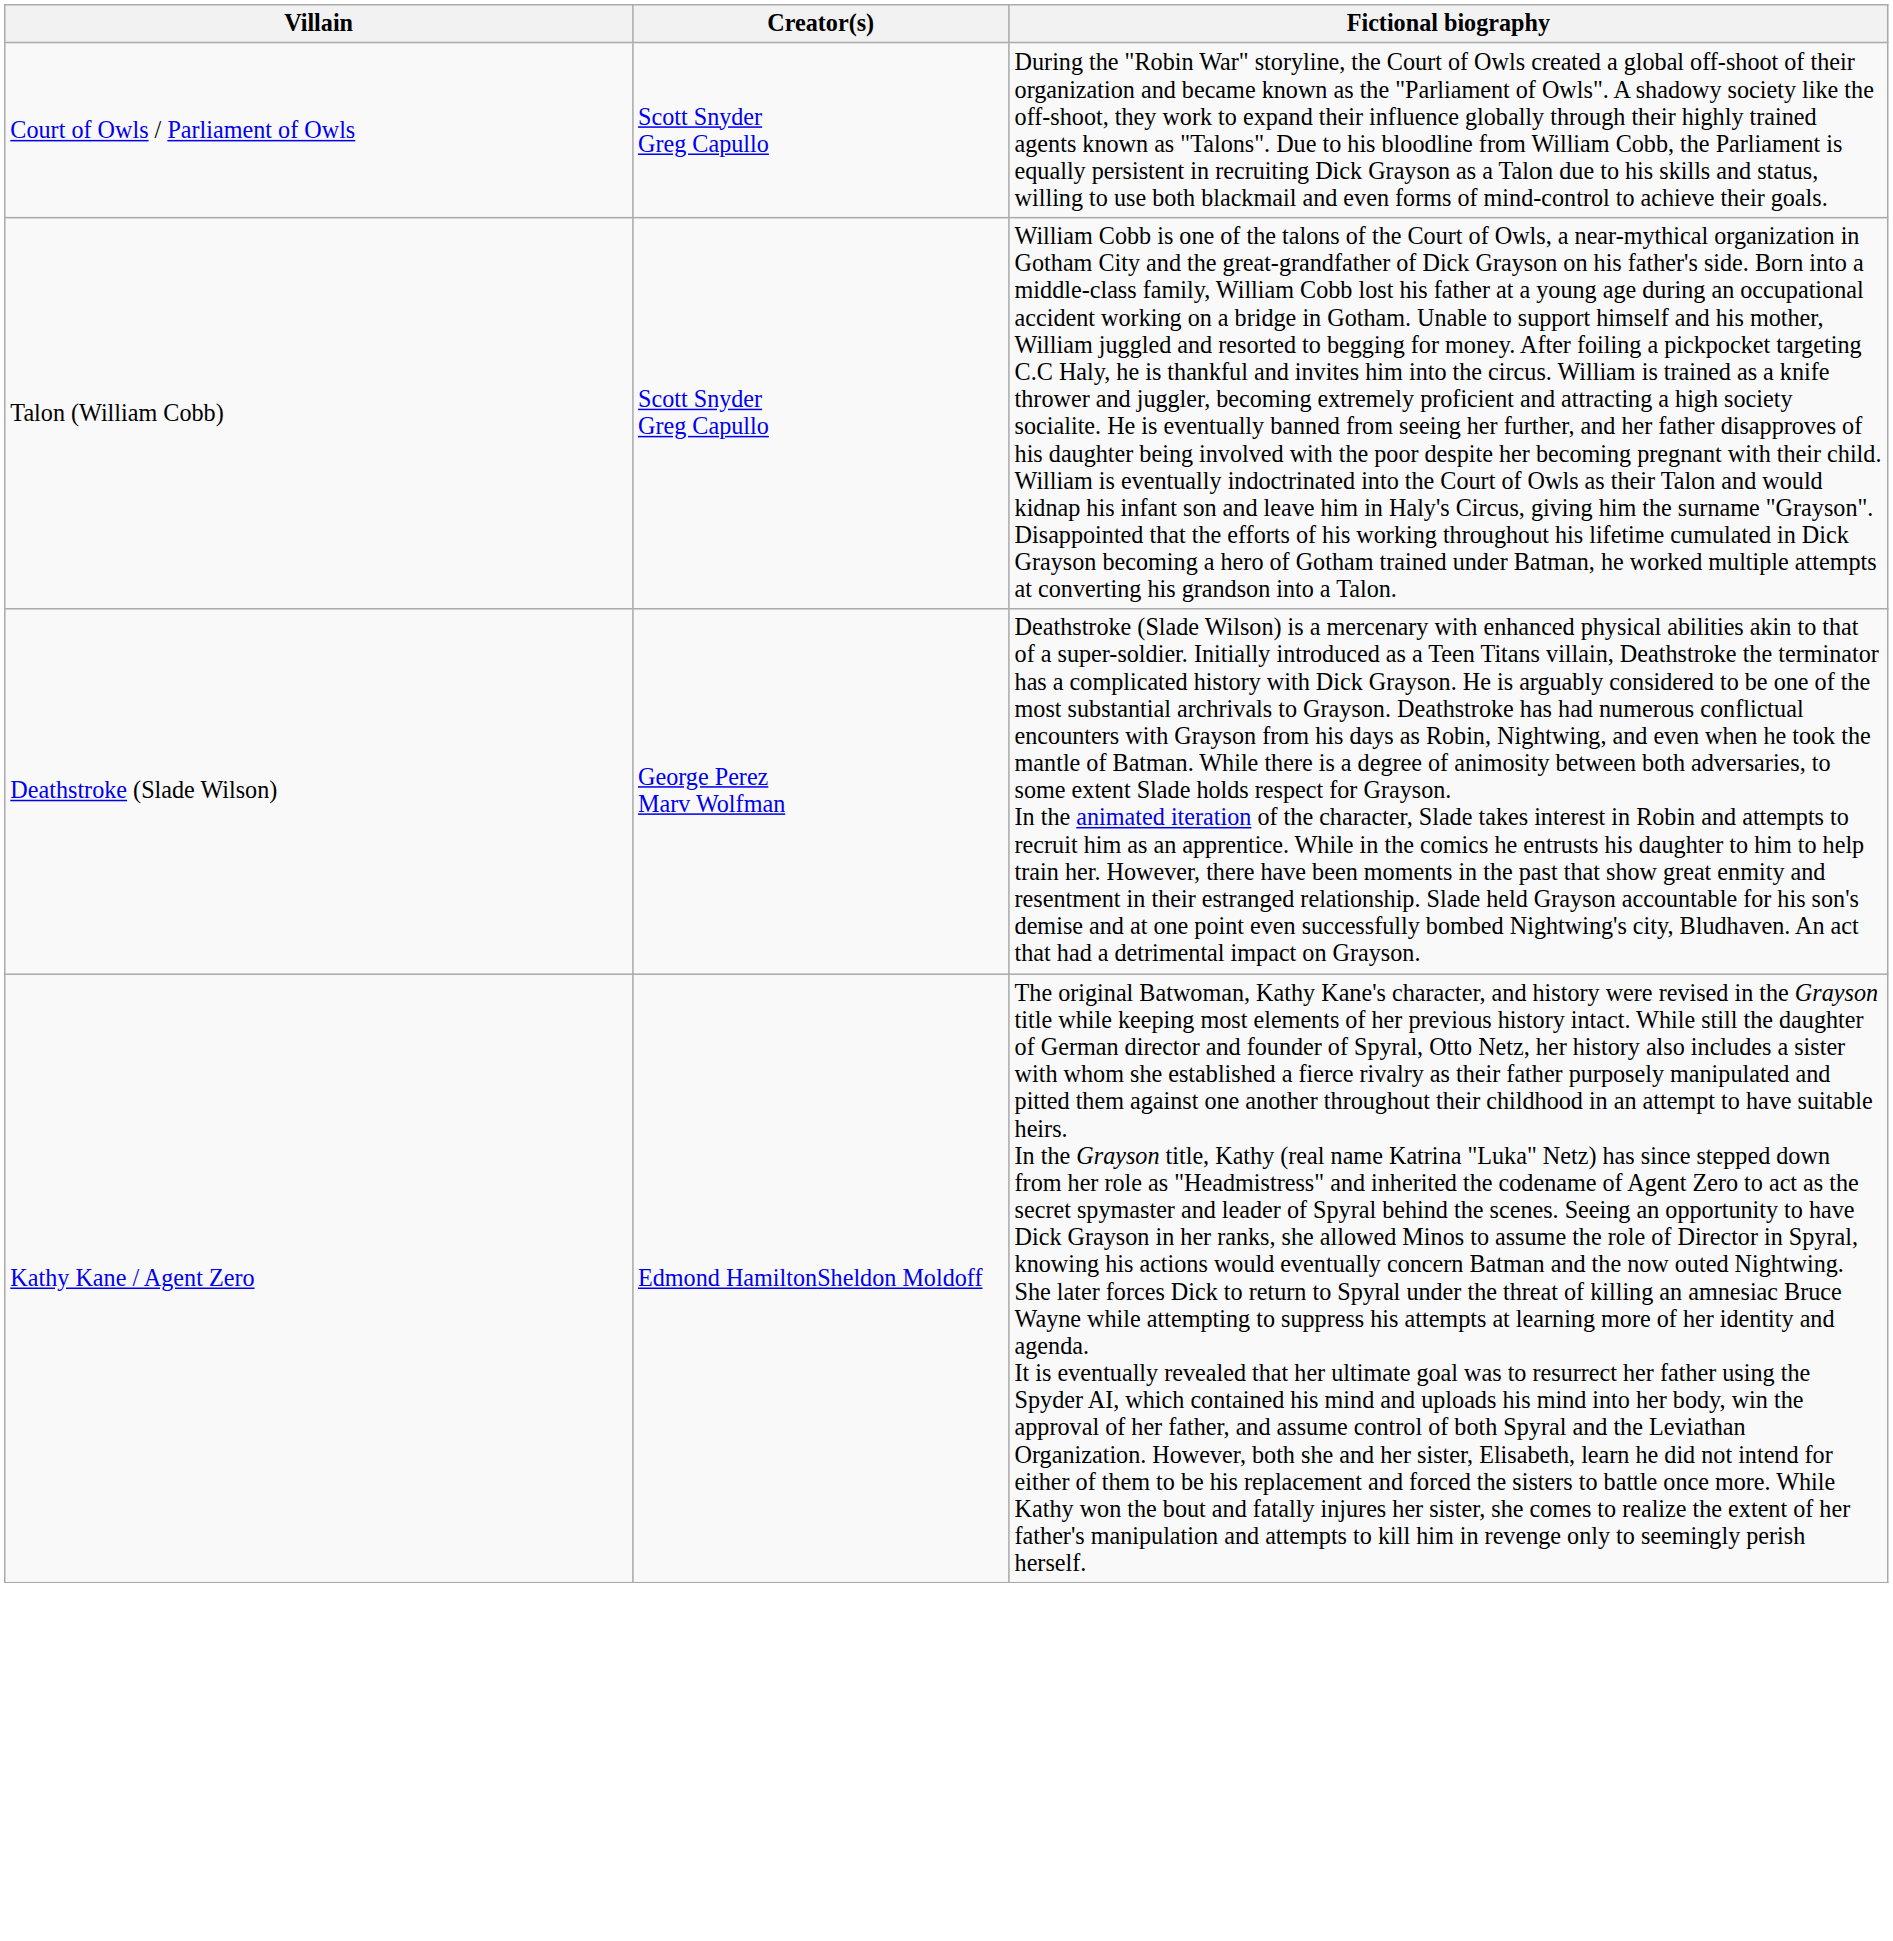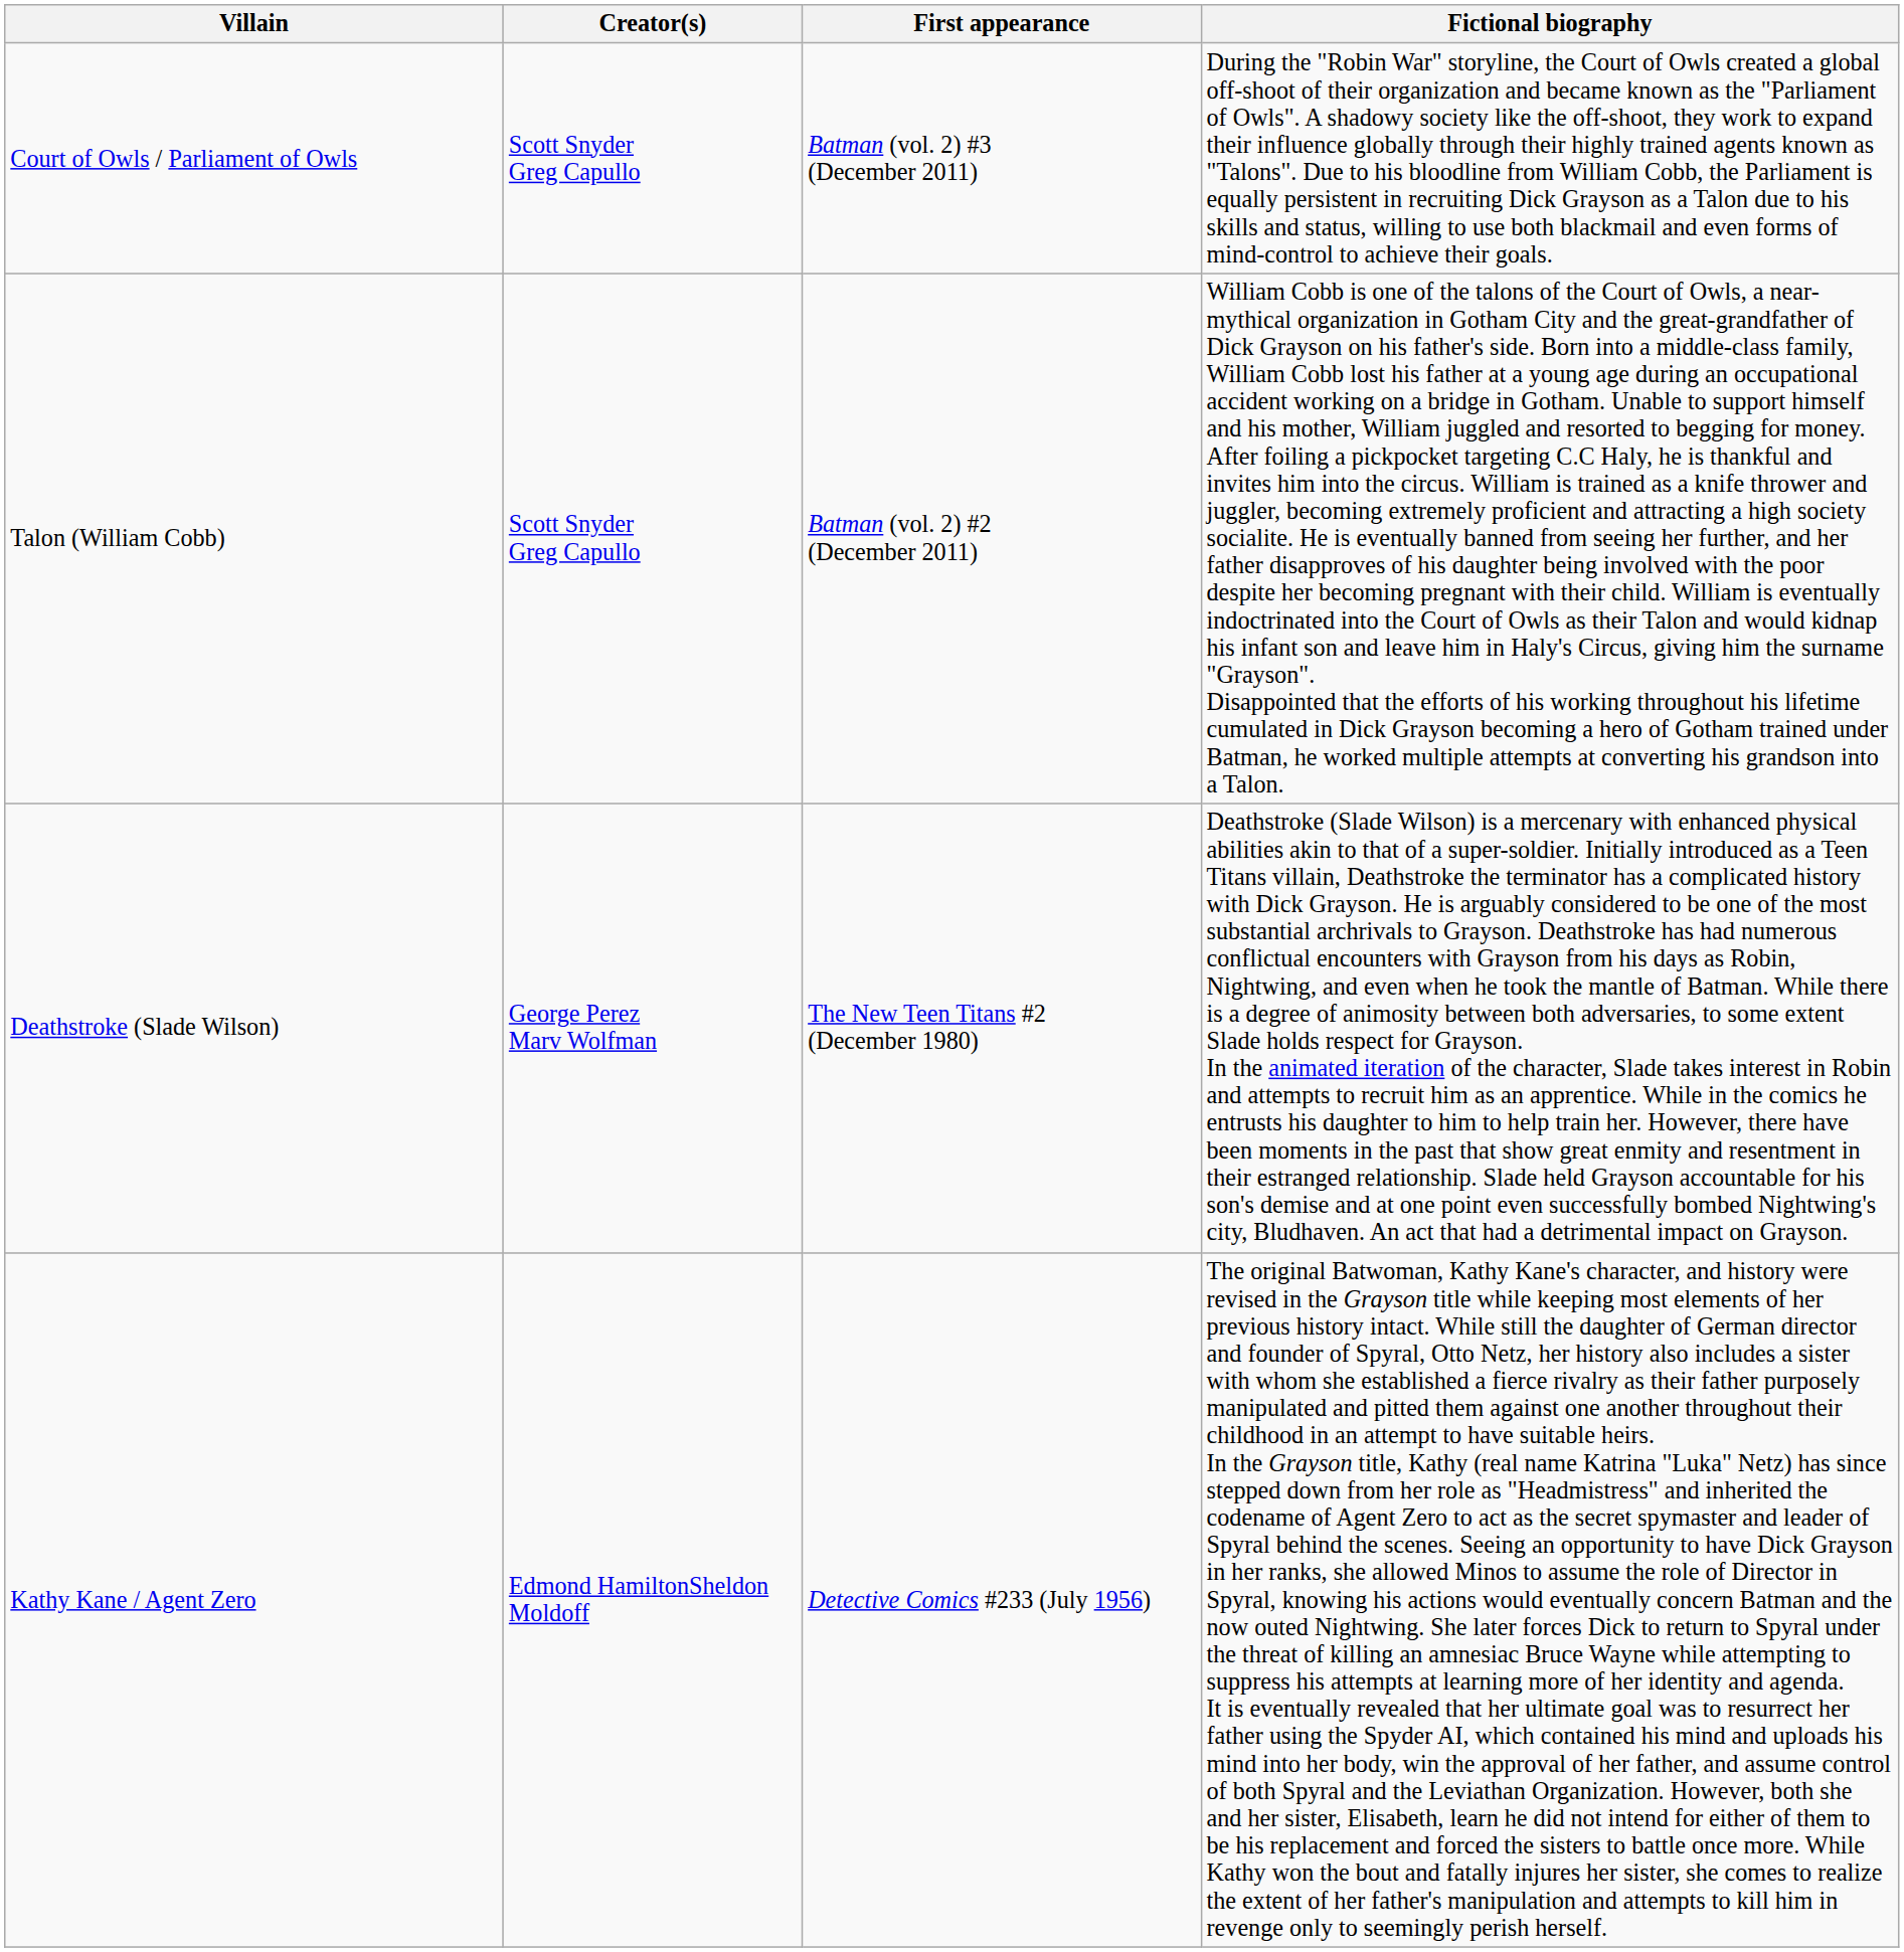 <table class="wikitable">
 <tr>
 <th style="width:25%">Villain</th>
 <th style="width:15%;">Creator(s)</th>
+<th style="width:20%;">First appearance</th>
 <th style="width:35%;">Fictional biography</th>
 </tr>
 <tr>
 <td><a href='#'>Court of Owls</a> / <a href='#'>Parliament of Owls</a></td>
 <td><a href='#'>Scott Snyder</a><br><a href='#'>Greg Capullo</a></td>
+<td><em><a href='#'>Batman</a></em> (vol. 2) #3<br>(December 2011)</td>
 <td>During the "Robin War" storyline, the Court of Owls created a global off-shoot of their organization and became known as the "Parliament of Owls". A shadowy society like the off-shoot, they work to expand their influence globally through their highly trained agents known as "Talons". Due to his bloodline from William Cobb, the Parliament is equally persistent in recruiting Dick Grayson as a Talon due to his skills and status, willing to use both blackmail and even forms of mind-control to achieve their goals.</td>
 </tr>
 <tr>
 <td>Talon (William Cobb)</td>
 <td><a href='#'>Scott Snyder</a><br><a href='#'>Greg Capullo</a></td>
+<td><em><a href='#'>Batman</a></em> (vol. 2) #2<br>(December 2011)</td>
 <td>William Cobb is one of the talons of the Court of Owls, a near-mythical organization in Gotham City and the great-grandfather of Dick Grayson on his father's side. Born into a middle-class family, William Cobb lost his father at a young age during an occupational accident working on a bridge in Gotham. Unable to support himself and his mother, William juggled and resorted to begging for money. After foiling a pickpocket targeting C.C Haly, he is thankful and invites him into the circus. William is trained as a knife thrower and juggler, becoming extremely proficient and attracting a high society socialite. He is eventually banned from seeing her further, and her father disapproves of his daughter being involved with the poor despite her becoming pregnant with their child. William is eventually indoctrinated into the Court of Owls as their Talon and would kidnap his infant son and leave him in Haly's Circus, giving him the surname "Grayson".<br>Disappointed that the efforts of his working throughout his lifetime cumulated in Dick Grayson becoming a hero of Gotham trained under Batman, he worked multiple attempts at converting his grandson into a Talon.</td>
 </tr>
 <tr>
 <td><a href='#'>Deathstroke</a> (Slade Wilson)</td>
 <td><a href='#'>George Perez</a><br><a href='#'>Marv Wolfman</a></td>
+<td><a href='#'>The New Teen Titans</a> #2<br>(December 1980)</td>
 <td>Deathstroke (Slade Wilson) is a mercenary with enhanced physical abilities akin to that of a super-soldier. Initially introduced as a Teen Titans villain, Deathstroke the terminator has a complicated history with Dick Grayson. He is arguably considered to be one of the most substantial archrivals to Grayson. Deathstroke has had numerous conflictual encounters with Grayson from his days as Robin, Nightwing, and even when he took the mantle of Batman. While there is a degree of animosity between both adversaries, to some extent Slade holds respect for Grayson.<br>In the <a href='#'>animated iteration</a> of the character, Slade takes interest in Robin and attempts to recruit him as an apprentice. While in the comics he entrusts his daughter to him to help train her. However, there have been moments in the past that show great enmity and resentment in their estranged relationship. Slade held Grayson accountable for his son's demise and at one point even successfully bombed Nightwing's city, Bludhaven. An act that had a detrimental impact on Grayson.</td>
 </tr>
 <tr>
 <td><a href='#'>Kathy Kane / Agent Zero</a></td>
 <td><a href='#'>Edmond Hamilton</a><a href='#'>Sheldon Moldoff</a></td>
+<td><em><a href='#'>Detective Comics</a></em> #233 (July <a href='#'>1956</a>)</td>
 <td>The original Batwoman, Kathy Kane's character, and history were revised in the <em>Grayson</em> title while keeping most elements of her previous history intact. While still the daughter of German director and founder of Spyral, Otto Netz, her history also includes a sister with whom she established a fierce rivalry as their father purposely manipulated and pitted them against one another throughout their childhood in an attempt to have suitable heirs.<br>In the <em>Grayson</em> title, Kathy (real name Katrina "Luka" Netz) has since stepped down from her role as "Headmistress" and inherited the codename of Agent Zero to act as the secret spymaster and leader of Spyral behind the scenes. Seeing an opportunity to have Dick Grayson in her ranks, she allowed Minos to assume the role of Director in Spyral, knowing his actions would eventually concern Batman and the now outed Nightwing. She later forces Dick to return to Spyral under the threat of killing an amnesiac Bruce Wayne while attempting to suppress his attempts at learning more of her identity and agenda.<br>It is eventually revealed that her ultimate goal was to resurrect her father using the Spyder AI, which contained his mind and uploads his mind into her body, win the approval of her father, and assume control of both Spyral and the Leviathan Organization. However, both she and her sister, Elisabeth, learn he did not intend for either of them to be his replacement and forced the sisters to battle once more. While Kathy won the bout and fatally injures her sister, she comes to realize the extent of her father's manipulation and attempts to kill him in revenge only to seemingly perish herself.</td>
 </tr>
 </table>
